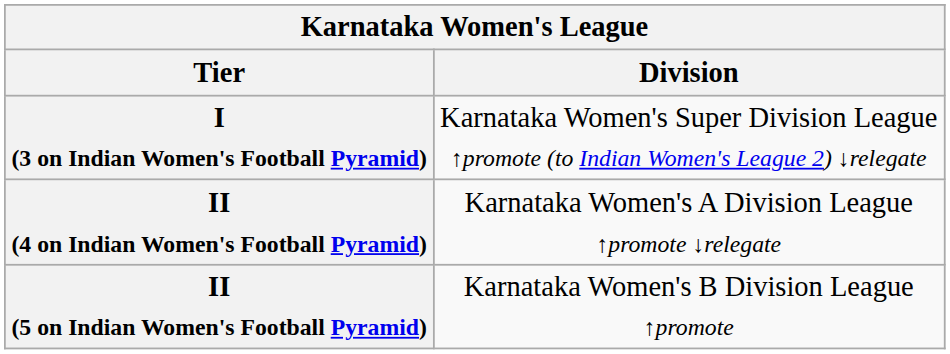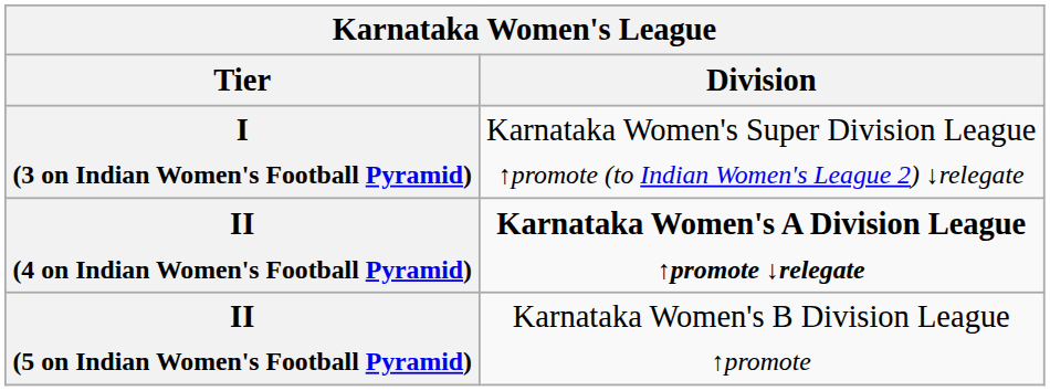 <table class="wikitable" style="text-align:center;">
 <tr>
 <th colspan="2">Karnataka Women's League</th>
 </tr>
 <tr>
 <th>Tier</th>
 <th>Division</th>
 </tr>
 <tr>
 <th>I<br><sub>(3 on Indian Women's Football <a href='#'>Pyramid</a>)</sub></th>
 <td>Karnataka Women's Super Division League  <br><em><sub>↑promote (to <a href='#'>Indian Women's League 2</a>) ↓relegate</sub></em></td>
 </tr>
 <tr>
 <th>II<br><sub>(4 on Indian Women's Football <a href='#'>Pyramid</a>)</sub></th>
-<td>Karnataka Women's A Division League  <br><em><sub>↑promote ↓relegate</sub></em></td>
+<td><strong>Karnataka Women's A Division League  <br><em><sub>↑promote ↓relegate</sub></em></strong></td>
 </tr>
 <tr>
 <th>II<br><sub>(5 on Indian Women's Football <a href='#'>Pyramid</a>)</sub></th>
 <td>Karnataka Women's B Division League  <br><em><sub>↑promote</sub></em></td>
 </tr>
 </table>
